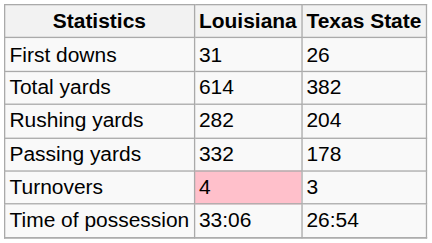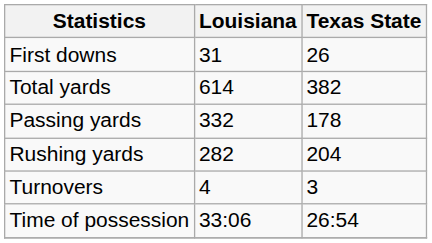 <table class="wikitable">
 <tr>
 <th>Statistics</th>
 <th>Louisiana</th>
 <th>Texas State</th>
 </tr>
 <tr>
 <td>First downs</td>
 <td>31</td>
 <td>26</td>
 </tr>
 <tr>
 <td>Total yards</td>
 <td>614</td>
 <td>382</td>
 </tr>
 <tr>
+<td>Passing yards</td>
+<td>332</td>
+<td>178</td>
+</tr>
+<tr>
 <td>Rushing yards</td>
 <td>282</td>
 <td>204</td>
 </tr>
 <tr>
-<td>Passing yards</td>
-<td>332</td>
-<td>178</td>
-</tr>
-<tr>
 <td>Turnovers</td>
-<td style="background: pink;">4</td>
+<td>4</td>
 <td>3</td>
 </tr>
 <tr>
 <td>Time of possession</td>
 <td>33:06</td>
 <td>26:54</td>
 </tr>
 <tr>
 </tr>
 </table>
